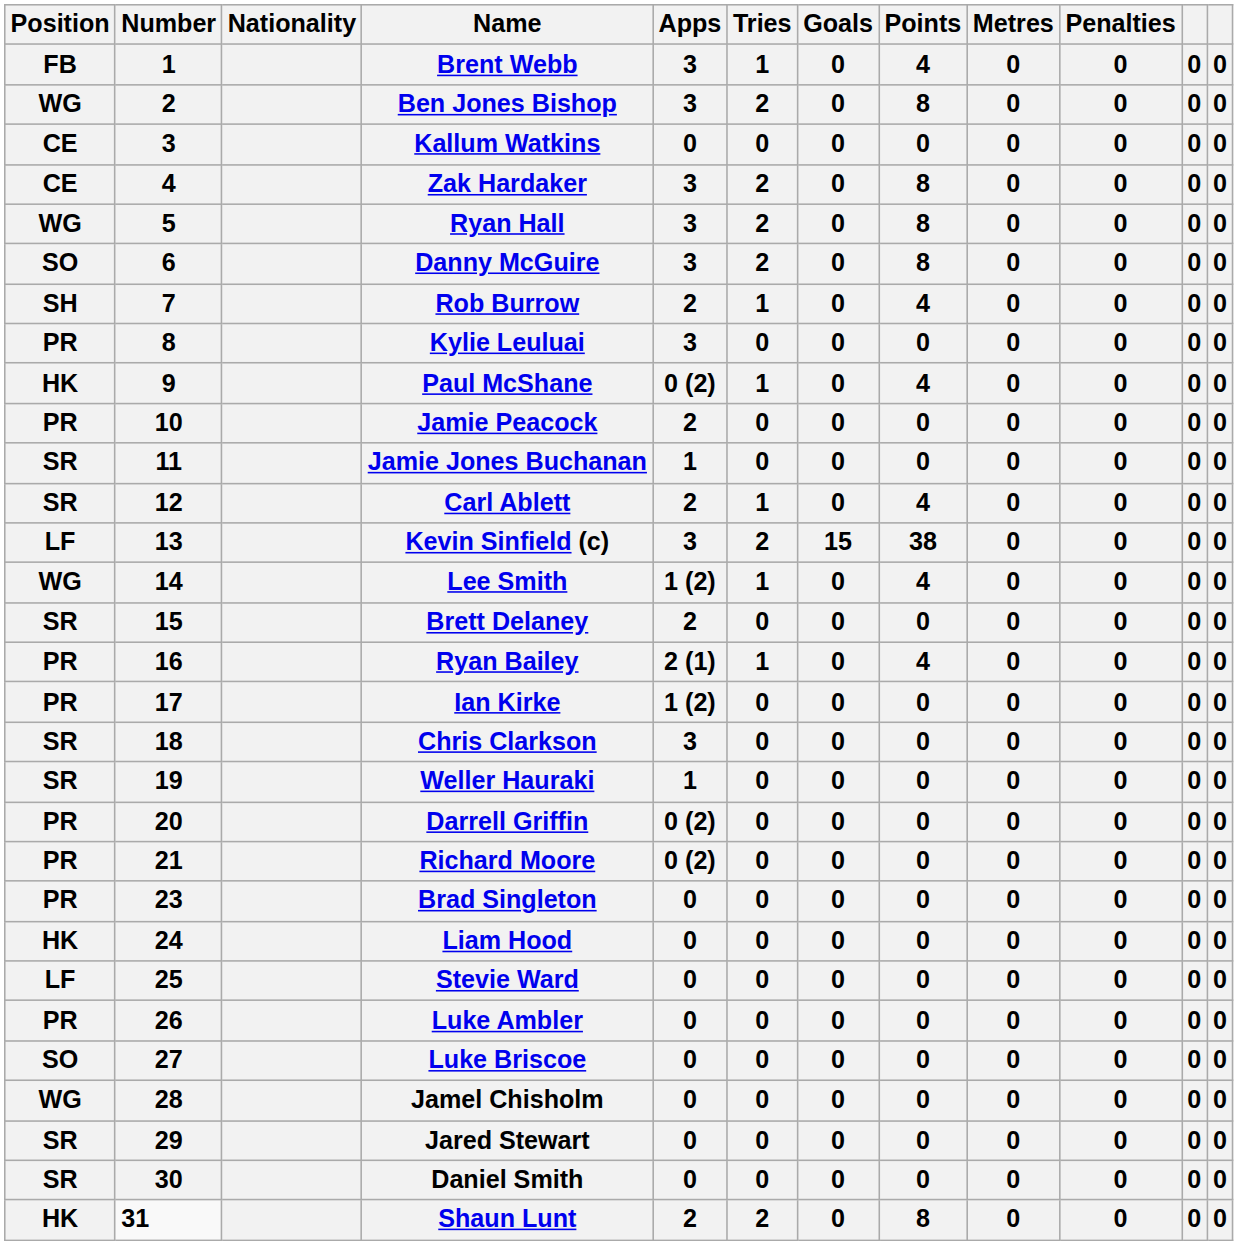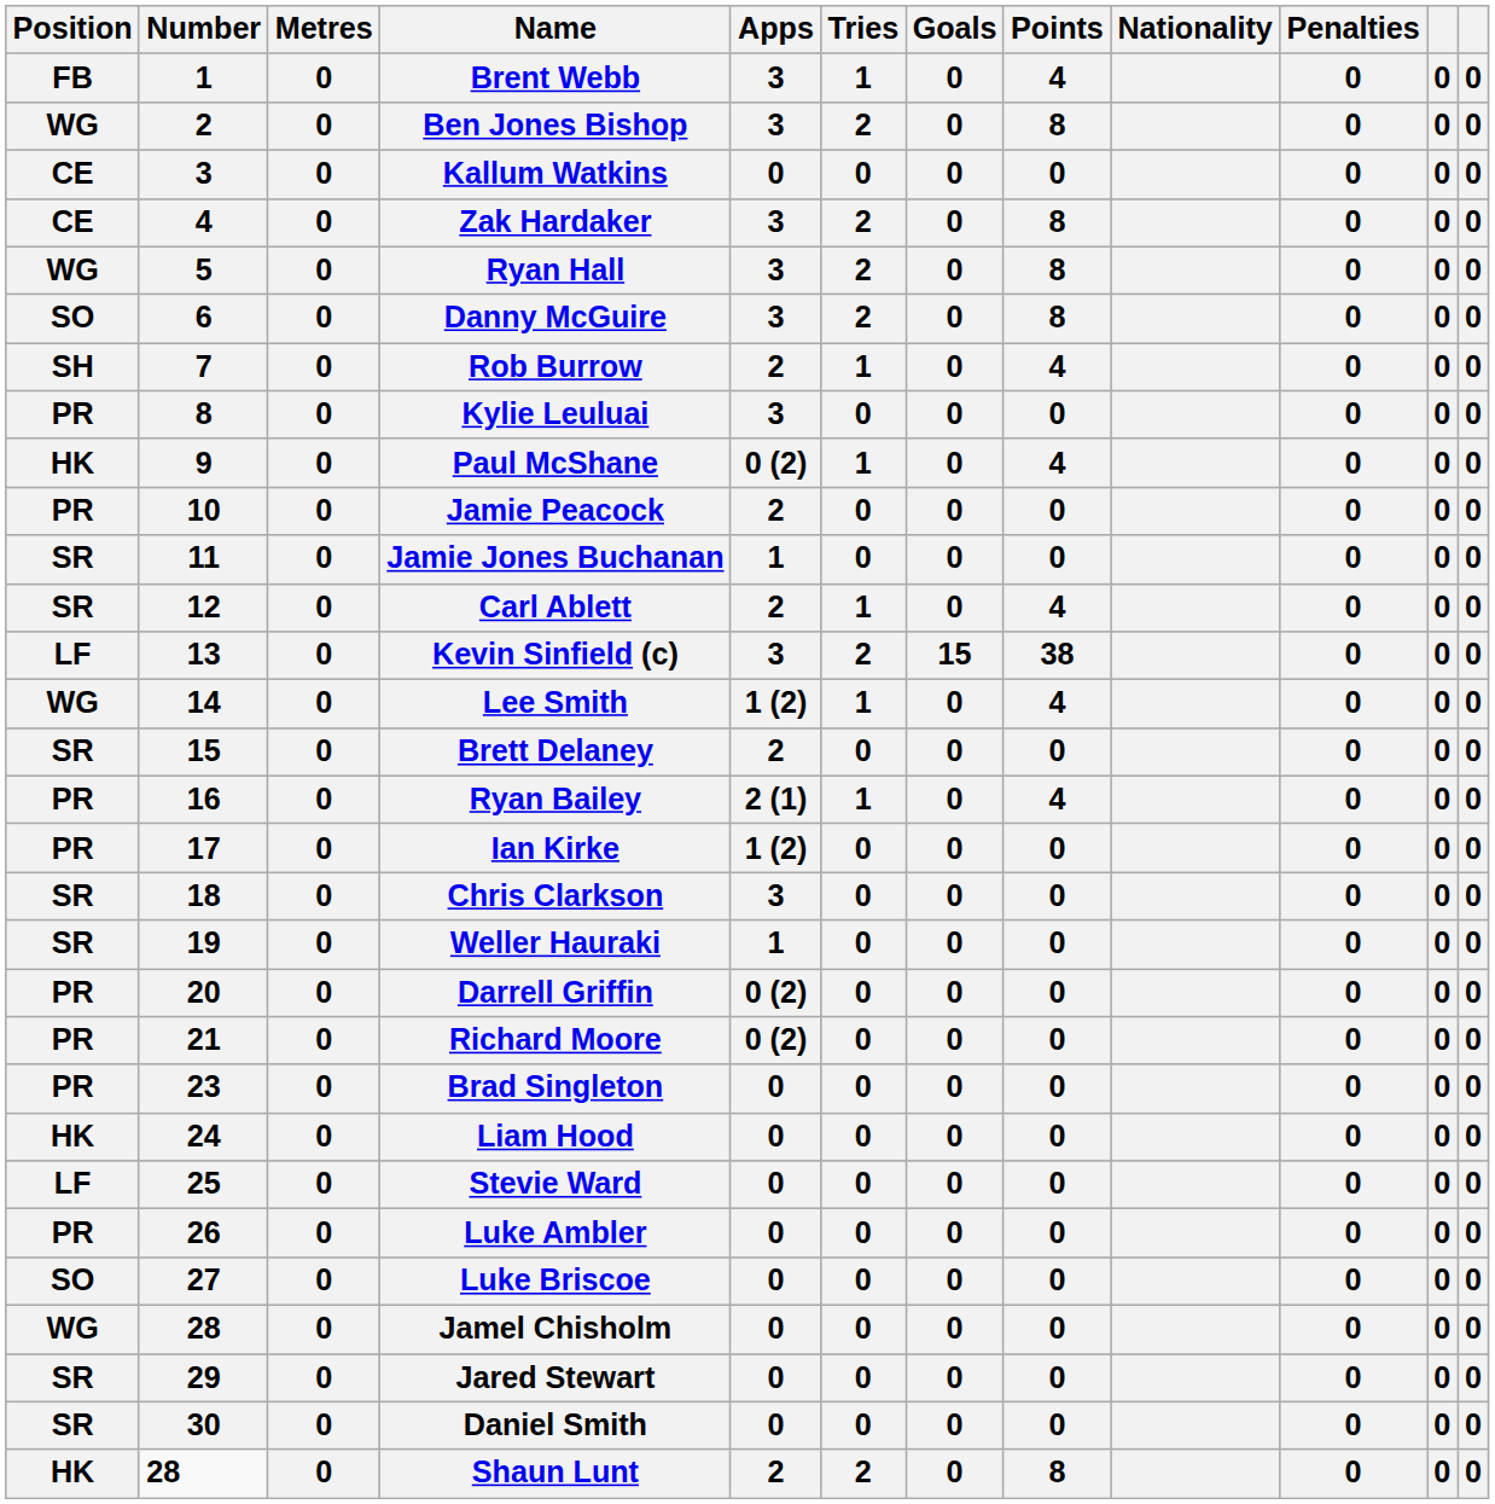 <table class="wikitable">
 <tr>
 <th>Position</th>
 <th>Number</th>
-<th>Nationality</th>
+<th>Metres</th>
 <th>Name</th>
 <th>Apps</th>
 <th>Tries</th>
 <th>Goals</th>
 <th>Points</th>
-<th>Metres</th>
+<th>Nationality</th>
 <th>Penalties</th>
 <th></th>
 <th></th>
 </tr>
 <tr>
 <th>FB</th>
 <th><strong>1</strong></th>
-<th></th>
+<th>0</th>
 <th><a href='#'>Brent Webb</a></th>
 <th>3</th>
 <th>1</th>
 <th>0</th>
 <th>4</th>
-<th>0</th>
+<th></th>
 <th>0</th>
 <th>0</th>
 <th>0</th>
 </tr>
 <tr>
 <th>WG</th>
 <th><strong>2</strong></th>
-<th></th>
+<th>0</th>
 <th><a href='#'>Ben Jones Bishop</a></th>
 <th>3</th>
 <th>2</th>
 <th>0</th>
 <th>8</th>
-<th>0</th>
+<th></th>
 <th>0</th>
 <th>0</th>
 <th>0</th>
 </tr>
 <tr>
 <th>CE</th>
 <th><strong>3</strong></th>
-<th></th>
+<th>0</th>
 <th><a href='#'>Kallum Watkins</a></th>
 <th>0</th>
 <th>0</th>
 <th>0</th>
 <th>0</th>
-<th>0</th>
+<th></th>
 <th>0</th>
 <th>0</th>
 <th>0</th>
 </tr>
 <tr>
 <th>CE</th>
 <th><strong>4</strong></th>
-<th></th>
+<th>0</th>
 <th><a href='#'>Zak Hardaker</a></th>
 <th>3</th>
 <th>2</th>
 <th>0</th>
 <th>8</th>
-<th>0</th>
+<th></th>
 <th>0</th>
 <th>0</th>
 <th>0</th>
 </tr>
 <tr>
 <th>WG</th>
 <th><strong>5</strong></th>
-<th></th>
+<th>0</th>
 <th><a href='#'>Ryan Hall</a></th>
 <th>3</th>
 <th>2</th>
 <th>0</th>
 <th>8</th>
-<th>0</th>
+<th></th>
 <th>0</th>
 <th>0</th>
 <th>0</th>
 </tr>
 <tr>
 <th>SO</th>
 <th><strong>6</strong></th>
-<th></th>
+<th>0</th>
 <th><a href='#'>Danny McGuire</a></th>
 <th>3</th>
 <th>2</th>
 <th>0</th>
 <th>8</th>
-<th>0</th>
+<th></th>
 <th>0</th>
 <th>0</th>
 <th>0</th>
 </tr>
 <tr>
 <th>SH</th>
 <th><strong>7</strong></th>
-<th></th>
+<th>0</th>
 <th><a href='#'>Rob Burrow</a></th>
 <th>2</th>
 <th>1</th>
 <th>0</th>
 <th>4</th>
-<th>0</th>
+<th></th>
 <th>0</th>
 <th>0</th>
 <th>0</th>
 </tr>
 <tr>
 <th>PR</th>
 <th><strong>8</strong></th>
-<th></th>
+<th>0</th>
 <th><a href='#'>Kylie Leuluai</a></th>
 <th>3</th>
 <th>0</th>
 <th>0</th>
 <th>0</th>
-<th>0</th>
+<th></th>
 <th>0</th>
 <th>0</th>
 <th>0</th>
 </tr>
 <tr>
 <th>HK</th>
 <th><strong>9</strong></th>
-<th></th>
+<th>0</th>
 <th><a href='#'>Paul McShane</a></th>
 <th>0 (2)</th>
 <th>1</th>
 <th>0</th>
 <th>4</th>
-<th>0</th>
+<th></th>
 <th>0</th>
 <th>0</th>
 <th>0</th>
 </tr>
 <tr>
 <th>PR</th>
 <th><strong>10</strong></th>
-<th></th>
+<th>0</th>
 <th><a href='#'>Jamie Peacock</a></th>
 <th>2</th>
 <th>0</th>
 <th>0</th>
 <th>0</th>
-<th>0</th>
+<th></th>
 <th>0</th>
 <th>0</th>
 <th>0</th>
 </tr>
 <tr>
 <th>SR</th>
 <th><strong>11</strong></th>
-<th></th>
+<th>0</th>
 <th><a href='#'>Jamie Jones Buchanan</a></th>
 <th>1</th>
 <th>0</th>
 <th>0</th>
 <th>0</th>
-<th>0</th>
+<th></th>
 <th>0</th>
 <th>0</th>
 <th>0</th>
 </tr>
 <tr>
 <th>SR</th>
 <th><strong>12</strong></th>
-<th></th>
+<th>0</th>
 <th><a href='#'>Carl Ablett</a></th>
 <th>2</th>
 <th>1</th>
 <th>0</th>
 <th>4</th>
-<th>0</th>
+<th></th>
 <th>0</th>
 <th>0</th>
 <th>0</th>
 </tr>
 <tr>
 <th>LF</th>
 <th><strong>13</strong></th>
-<th></th>
+<th>0</th>
 <th><a href='#'>Kevin Sinfield</a> (c)</th>
 <th>3</th>
 <th>2</th>
 <th>15</th>
 <th>38</th>
-<th>0</th>
+<th></th>
 <th>0</th>
 <th>0</th>
 <th>0</th>
 </tr>
 <tr>
 <th>WG</th>
 <th><strong>14</strong></th>
-<th></th>
+<th>0</th>
 <th><a href='#'>Lee Smith</a></th>
 <th>1 (2)</th>
 <th>1</th>
 <th>0</th>
 <th>4</th>
-<th>0</th>
+<th></th>
 <th>0</th>
 <th>0</th>
 <th>0</th>
 </tr>
 <tr>
 <th>SR</th>
 <th><strong>15</strong></th>
-<th></th>
+<th>0</th>
 <th><a href='#'>Brett Delaney</a></th>
 <th>2</th>
 <th>0</th>
 <th>0</th>
 <th>0</th>
-<th>0</th>
+<th></th>
 <th>0</th>
 <th>0</th>
 <th>0</th>
 </tr>
 <tr>
 <th>PR</th>
 <th><strong>16</strong></th>
-<th></th>
+<th>0</th>
 <th><a href='#'>Ryan Bailey</a></th>
 <th>2 (1)</th>
 <th>1</th>
 <th>0</th>
 <th>4</th>
-<th>0</th>
+<th></th>
 <th>0</th>
 <th>0</th>
 <th>0</th>
 </tr>
 <tr>
 <th>PR</th>
 <th><strong>17</strong></th>
-<th></th>
+<th>0</th>
 <th><a href='#'>Ian Kirke</a></th>
 <th>1 (2)</th>
 <th>0</th>
 <th>0</th>
 <th>0</th>
-<th>0</th>
+<th></th>
 <th>0</th>
 <th>0</th>
 <th>0</th>
 </tr>
 <tr>
 <th>SR</th>
 <th><strong>18</strong></th>
-<th></th>
+<th>0</th>
 <th><a href='#'>Chris Clarkson</a></th>
 <th>3</th>
 <th>0</th>
 <th>0</th>
 <th>0</th>
-<th>0</th>
+<th></th>
 <th>0</th>
 <th>0</th>
 <th>0</th>
 </tr>
 <tr>
 <th>SR</th>
 <th><strong>19</strong></th>
-<th></th>
+<th>0</th>
 <th><a href='#'>Weller Hauraki</a></th>
 <th>1</th>
 <th>0</th>
 <th>0</th>
 <th>0</th>
-<th>0</th>
+<th></th>
 <th>0</th>
 <th>0</th>
 <th>0</th>
 </tr>
 <tr>
 <th>PR</th>
 <th><strong>20</strong></th>
-<th></th>
+<th>0</th>
 <th><a href='#'>Darrell Griffin</a></th>
 <th>0 (2)</th>
 <th>0</th>
 <th>0</th>
 <th>0</th>
-<th>0</th>
+<th></th>
 <th>0</th>
 <th>0</th>
 <th>0</th>
 </tr>
 <tr>
 <th>PR</th>
 <th><strong>21</strong></th>
-<th></th>
+<th>0</th>
 <th><a href='#'>Richard Moore</a></th>
 <th>0 (2)</th>
 <th>0</th>
 <th>0</th>
 <th>0</th>
-<th>0</th>
+<th></th>
 <th>0</th>
 <th>0</th>
 <th>0</th>
 </tr>
 <tr>
 <th>PR</th>
 <th><strong>23</strong></th>
-<th></th>
+<th>0</th>
 <th><a href='#'>Brad Singleton</a></th>
 <th>0</th>
 <th>0</th>
 <th>0</th>
 <th>0</th>
-<th>0</th>
+<th></th>
 <th>0</th>
 <th>0</th>
 <th>0</th>
 </tr>
 <tr>
 <th>HK</th>
 <th><strong>24</strong></th>
-<th></th>
+<th>0</th>
 <th><a href='#'>Liam Hood</a></th>
 <th>0</th>
 <th>0</th>
 <th>0</th>
 <th>0</th>
-<th>0</th>
+<th></th>
 <th>0</th>
 <th>0</th>
 <th>0</th>
 </tr>
 <tr>
 <th>LF</th>
 <th><strong>25</strong></th>
-<th></th>
+<th>0</th>
 <th><a href='#'>Stevie Ward</a></th>
 <th>0</th>
 <th>0</th>
 <th>0</th>
 <th>0</th>
-<th>0</th>
+<th></th>
 <th>0</th>
 <th>0</th>
 <th>0</th>
 </tr>
 <tr>
 <th>PR</th>
 <th><strong>26</strong></th>
-<th></th>
+<th>0</th>
 <th><a href='#'>Luke Ambler</a></th>
 <th>0</th>
 <th>0</th>
 <th>0</th>
 <th>0</th>
-<th>0</th>
+<th></th>
 <th>0</th>
 <th>0</th>
 <th>0</th>
 </tr>
 <tr>
 <th>SO</th>
 <th><strong>27</strong></th>
-<th></th>
+<th>0</th>
 <th><a href='#'>Luke Briscoe</a></th>
 <th>0</th>
 <th>0</th>
 <th>0</th>
 <th>0</th>
-<th>0</th>
+<th></th>
 <th>0</th>
 <th>0</th>
 <th>0</th>
 </tr>
 <tr>
 <th>WG</th>
 <th><strong>28</strong></th>
-<th></th>
+<th>0</th>
 <th>Jamel Chisholm</th>
 <th>0</th>
 <th>0</th>
 <th>0</th>
 <th>0</th>
-<th>0</th>
+<th></th>
 <th>0</th>
 <th>0</th>
 <th>0</th>
 </tr>
 <tr>
 <th>SR</th>
 <th><strong>29</strong></th>
-<th></th>
+<th>0</th>
 <th>Jared Stewart</th>
 <th>0</th>
 <th>0</th>
 <th>0</th>
 <th>0</th>
-<th>0</th>
+<th></th>
 <th>0</th>
 <th>0</th>
 <th>0</th>
 </tr>
 <tr>
 <th>SR</th>
 <th><strong>30</strong></th>
-<th></th>
+<th>0</th>
 <th>Daniel Smith</th>
 <th>0</th>
 <th>0</th>
 <th>0</th>
 <th>0</th>
-<th>0</th>
+<th></th>
 <th>0</th>
 <th>0</th>
 <th>0</th>
 </tr>
 <tr>
 <th>HK</th>
-<td><strong>31</strong></td>
-<th></th>
+<td><strong>28</strong></td>
+<th>0</th>
 <th><a href='#'>Shaun Lunt</a></th>
 <th>2</th>
 <th>2</th>
 <th>0</th>
 <th>8</th>
-<th>0</th>
+<th></th>
 <th>0</th>
 <th>0</th>
 <th>0</th>
 </tr>
 </table>
